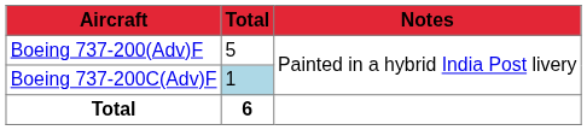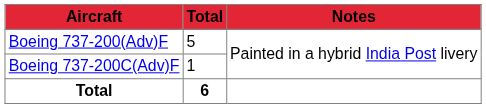 <table class="toccolours" border="1" cellpadding="3" style="margin:1em auto; border-collapse:collapse">
 <tr bgcolor=#E32636>
 <th><span>Aircraft</span></th>
 <th><span>Total</span></th>
 <th><span>Notes</span></th>
 </tr>
 <tr>
 <td><a href='#'>Boeing 737-200(Adv)F</a></td>
 <td>5</td>
 <td rowspan=2 style="text-align:center;">Painted in a hybrid <a href='#'>India Post</a> livery</td>
 </tr>
 <tr>
 <td><a href='#'>Boeing 737-200C(Adv)F</a></td>
-<td style="background: lightblue;">1</td>
+<td>1</td>
 </tr>
 <tr>
 <th>Total</th>
 <th>6</th>
 <th></th>
 </tr>
 </table>
